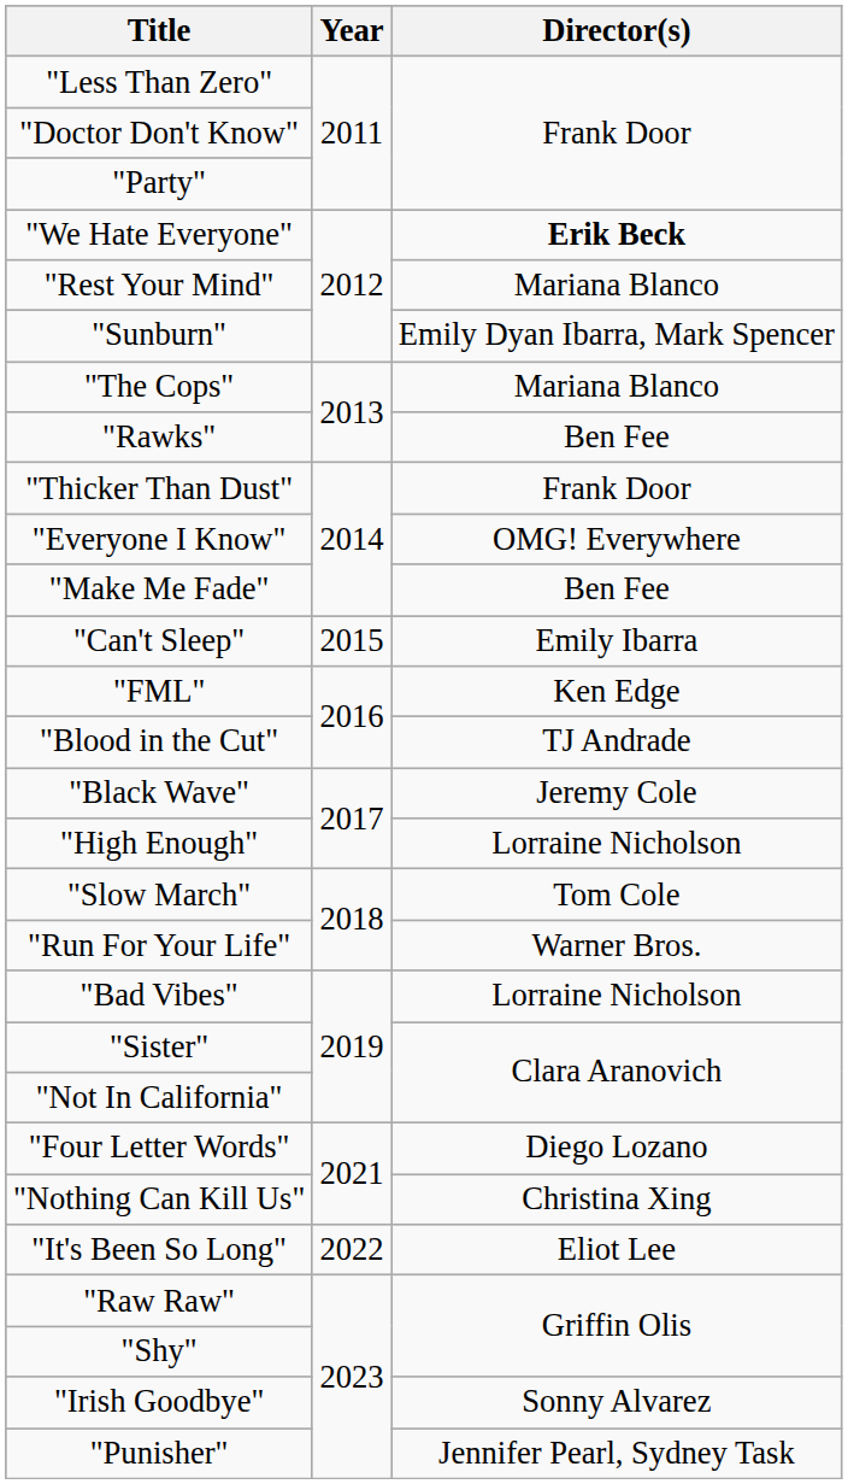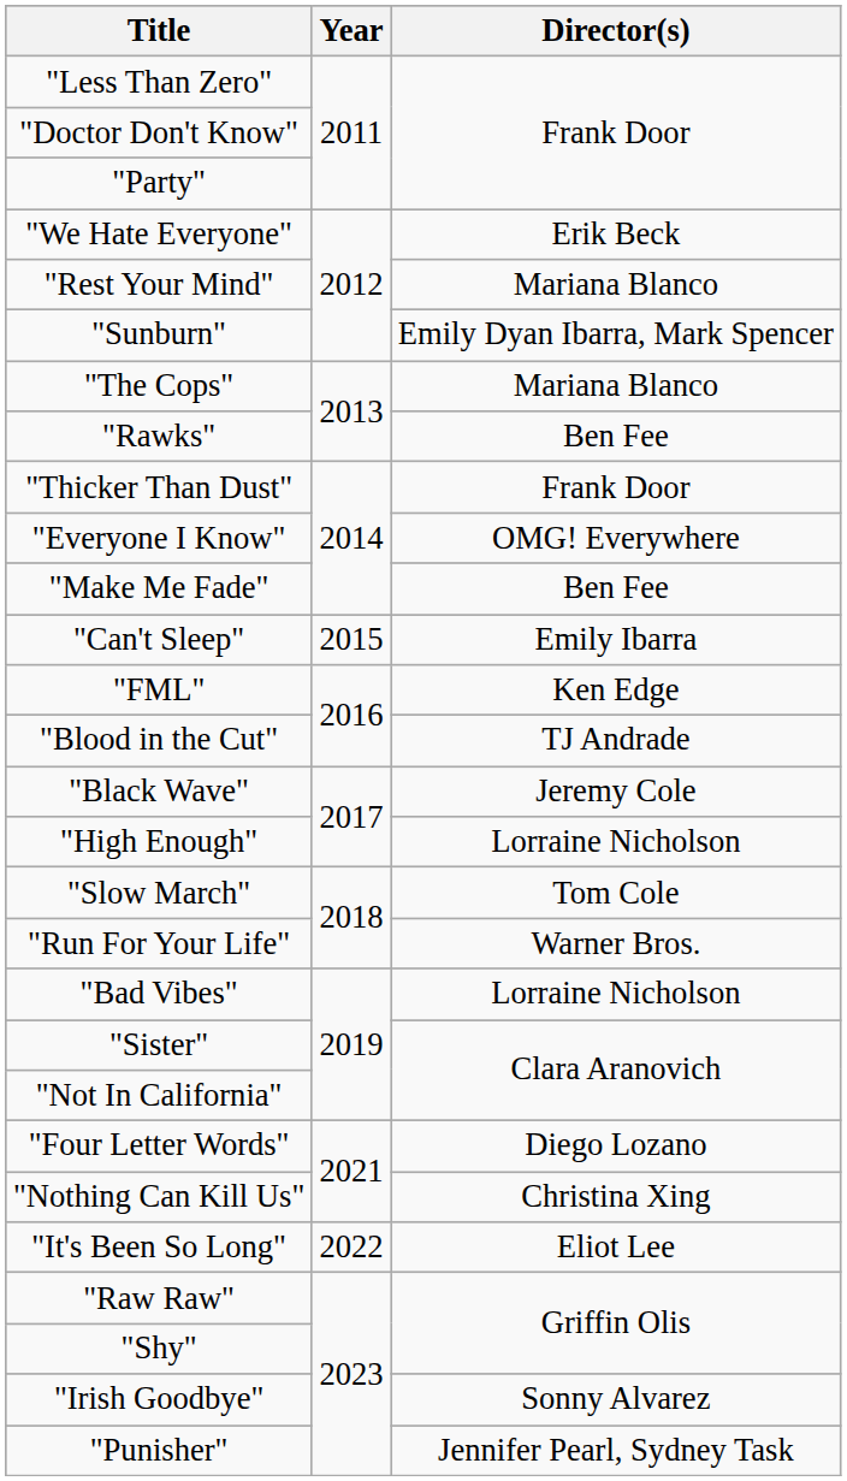 <table class="wikitable sortable" style="text-align:center;">
 <tr>
 <th>Title</th>
 <th>Year</th>
 <th>Director(s)</th>
 </tr>
 <tr>
 <td>"Less Than Zero"</td>
 <td rowspan="3">2011</td>
 <td rowspan="3">Frank Door</td>
 </tr>
 <tr>
 <td>"Doctor Don't Know"</td>
 </tr>
 <tr>
 <td>"Party"</td>
 </tr>
 <tr>
 <td>"We Hate Everyone"</td>
 <td rowspan="3">2012</td>
-<td><strong>Erik Beck</strong></td>
+<td>Erik Beck</td>
 </tr>
 <tr>
 <td>"Rest Your Mind"</td>
 <td>Mariana Blanco</td>
 </tr>
 <tr>
 <td>"Sunburn"</td>
 <td>Emily Dyan Ibarra, Mark Spencer</td>
 </tr>
 <tr>
 <td>"The Cops"</td>
 <td rowspan="2">2013</td>
 <td>Mariana Blanco</td>
 </tr>
 <tr>
 <td>"Rawks"</td>
 <td>Ben Fee</td>
 </tr>
 <tr>
 <td>"Thicker Than Dust"</td>
 <td rowspan="3">2014</td>
 <td>Frank Door</td>
 </tr>
 <tr>
 <td>"Everyone I Know"</td>
 <td>OMG! Everywhere</td>
 </tr>
 <tr>
 <td>"Make Me Fade"</td>
 <td>Ben Fee</td>
 </tr>
 <tr>
 <td>"Can't Sleep"</td>
 <td>2015</td>
 <td>Emily Ibarra</td>
 </tr>
 <tr>
 <td>"FML"</td>
 <td rowspan="2">2016</td>
 <td>Ken Edge</td>
 </tr>
 <tr>
 <td>"Blood in the Cut"</td>
 <td>TJ Andrade</td>
 </tr>
 <tr>
 <td>"Black Wave"</td>
 <td rowspan="2">2017</td>
 <td>Jeremy Cole</td>
 </tr>
 <tr>
 <td>"High Enough"</td>
 <td>Lorraine Nicholson</td>
 </tr>
 <tr>
 <td>"Slow March"</td>
 <td rowspan="2">2018</td>
 <td>Tom Cole</td>
 </tr>
 <tr>
 <td>"Run For Your Life"</td>
 <td>Warner Bros.</td>
 </tr>
 <tr>
 <td>"Bad Vibes"</td>
 <td rowspan="3">2019</td>
 <td>Lorraine Nicholson</td>
 </tr>
 <tr>
 <td>"Sister"</td>
 <td rowspan="2">Clara Aranovich</td>
 </tr>
 <tr>
 <td>"Not In California"</td>
 </tr>
 <tr>
 <td>"Four Letter Words"</td>
 <td rowspan="2">2021</td>
 <td>Diego Lozano</td>
 </tr>
 <tr>
 <td>"Nothing Can Kill Us"</td>
 <td>Christina Xing</td>
 </tr>
 <tr>
 <td>"It's Been So Long"</td>
 <td>2022</td>
 <td>Eliot Lee</td>
 </tr>
 <tr>
 <td>"Raw Raw"</td>
 <td rowspan="4">2023</td>
 <td rowspan="2">Griffin Olis</td>
 </tr>
 <tr>
 <td>"Shy"</td>
 </tr>
 <tr>
 <td>"Irish Goodbye"</td>
 <td>Sonny Alvarez</td>
 </tr>
 <tr>
 <td>"Punisher"</td>
 <td>Jennifer Pearl, Sydney Task</td>
 </tr>
 </table>
